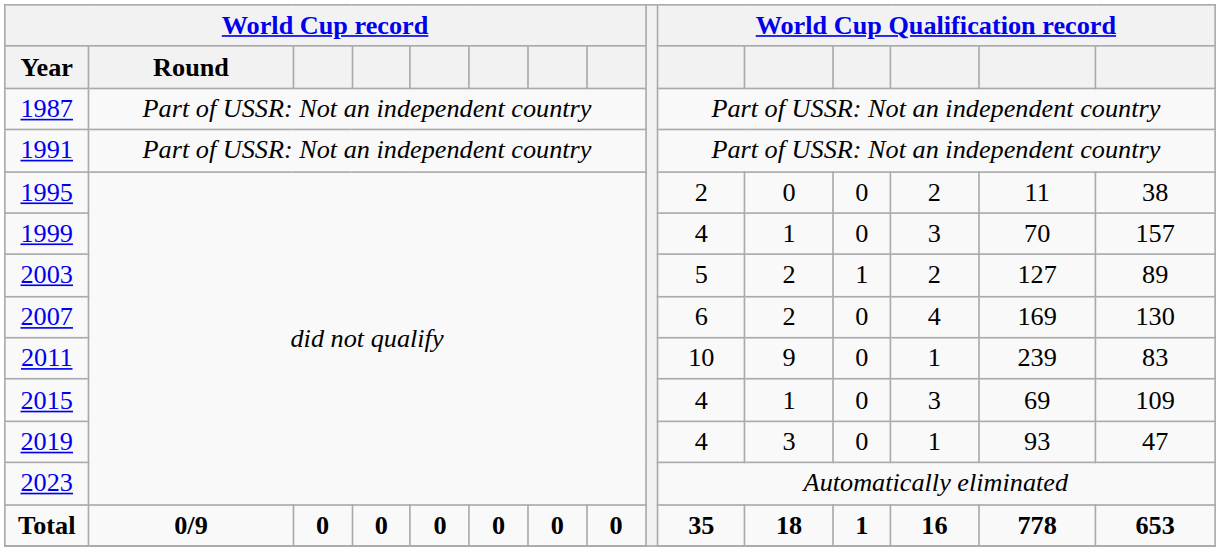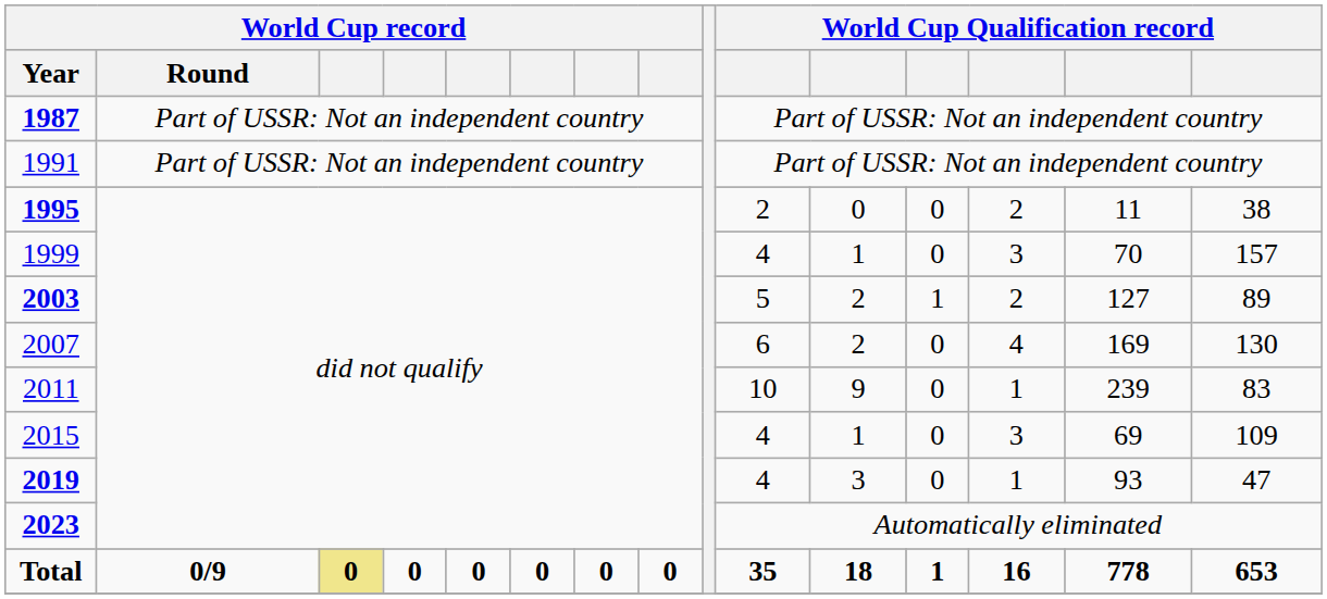 <table class="wikitable" style="text-align: center;">
 <tr>
 <th colspan=8><a href='#'>World Cup record</a></th>
 <th width=1% rowspan=25></th>
 <th colspan=6><a href='#'>World Cup Qualification record</a></th>
 </tr>
 <tr>
 <th>Year</th>
 <th>Round</th>
 <th></th>
 <th></th>
 <th></th>
 <th></th>
 <th></th>
 <th></th>
 <th></th>
 <th></th>
 <th></th>
 <th></th>
 <th></th>
 <th></th>
 </tr>
 <tr>
-<td> <a href='#'>1987</a></td>
+<td><strong> <a href='#'>1987</a></strong></td>
 <td colspan=7><em>Part of USSR: Not an independent country</em></td>
 <td colspan=6><em>Part of USSR: Not an independent country</em></td>
 </tr>
 <tr>
 <td> <a href='#'>1991</a></td>
 <td colspan=7><em>Part of USSR: Not an independent country</em></td>
 <td colspan=6><em>Part of USSR: Not an independent country</em></td>
 </tr>
 <tr>
-<td> <a href='#'>1995</a></td>
+<td><strong> <a href='#'>1995</a></strong></td>
 <td rowspan=8 colspan=7><em>did not qualify</em></td>
 <td>2</td>
 <td>0</td>
 <td>0</td>
 <td>2</td>
 <td>11</td>
 <td>38</td>
 </tr>
 <tr>
 <td> <a href='#'>1999</a></td>
 <td>4</td>
 <td>1</td>
 <td>0</td>
 <td>3</td>
 <td>70</td>
 <td>157</td>
 </tr>
 <tr>
-<td> <a href='#'>2003</a></td>
+<td><strong> <a href='#'>2003</a></strong></td>
 <td>5</td>
 <td>2</td>
 <td>1</td>
 <td>2</td>
 <td>127</td>
 <td>89</td>
 </tr>
 <tr>
 <td> <a href='#'>2007</a></td>
 <td>6</td>
 <td>2</td>
 <td>0</td>
 <td>4</td>
 <td>169</td>
 <td>130</td>
 </tr>
 <tr>
 <td> <a href='#'>2011</a></td>
 <td>10</td>
 <td>9</td>
 <td>0</td>
 <td>1</td>
 <td>239</td>
 <td>83</td>
 </tr>
 <tr>
 <td> <a href='#'>2015</a></td>
 <td>4</td>
 <td>1</td>
 <td>0</td>
 <td>3</td>
 <td>69</td>
 <td>109</td>
 </tr>
 <tr>
-<td> <a href='#'>2019</a></td>
+<td><strong> <a href='#'>2019</a></strong></td>
 <td>4</td>
 <td>3</td>
 <td>0</td>
 <td>1</td>
 <td>93</td>
 <td>47</td>
 </tr>
 <tr>
-<td> <a href='#'>2023</a></td>
+<td><strong> <a href='#'>2023</a></strong></td>
 <td colspan=6><em>Automatically eliminated</em></td>
 </tr>
 <tr>
 <td><strong>Total</strong></td>
 <td><strong>0/9</strong></td>
-<td><strong>0</strong></td>
+<td style="background: khaki;"><strong>0</strong></td>
 <td><strong>0</strong></td>
 <td><strong>0</strong></td>
 <td><strong>0</strong></td>
 <td><strong>0</strong></td>
 <td><strong>0</strong></td>
 <td><strong>35</strong></td>
 <td><strong>18</strong></td>
 <td><strong>1</strong></td>
 <td><strong>16</strong></td>
 <td><strong>778</strong></td>
 <td><strong>653</strong></td>
 </tr>
 <tr>
 </tr>
 </table>
